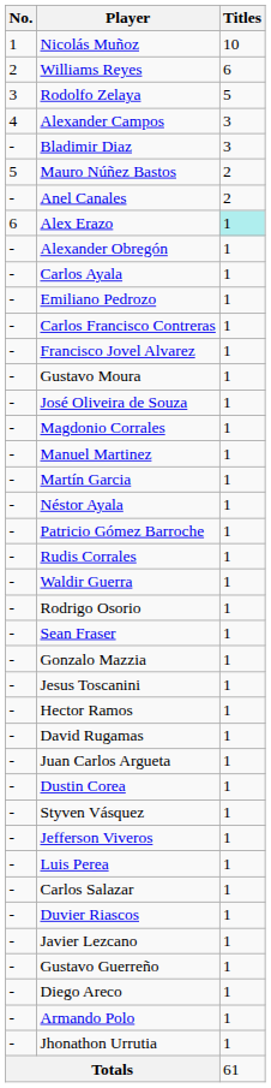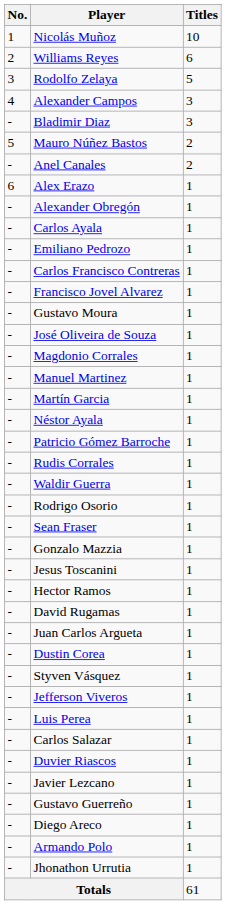 <table class="wikitable">
 <tr>
 <th>No.</th>
 <th>Player</th>
 <th>Titles</th>
 </tr>
 <tr>
 <td>1</td>
 <td> <a href='#'>Nicolás Muñoz</a></td>
 <td>10</td>
 </tr>
 <tr>
 <td>2</td>
 <td>  <a href='#'>Williams Reyes</a></td>
 <td>6</td>
 </tr>
 <tr>
 <td>3</td>
 <td> <a href='#'>Rodolfo Zelaya</a></td>
 <td>5</td>
 </tr>
 <tr>
 <td>4</td>
 <td> <a href='#'>Alexander Campos</a></td>
 <td>3</td>
 </tr>
 <tr>
 <td>-</td>
 <td> <a href='#'>Bladimir Diaz</a></td>
 <td>3</td>
 </tr>
 <tr>
 <td>5</td>
 <td> <a href='#'>Mauro Núñez Bastos</a></td>
 <td>2</td>
 </tr>
 <tr>
 <td>-</td>
 <td> <a href='#'>Anel Canales</a></td>
 <td>2</td>
 </tr>
 <tr>
 <td>6</td>
 <td> <a href='#'>Alex Erazo</a></td>
-<td style="background: paleturquoise;">1</td>
+<td>1</td>
 </tr>
 <tr>
 <td>-</td>
 <td> <a href='#'>Alexander Obregón</a></td>
 <td>1</td>
 </tr>
 <tr>
 <td>-</td>
 <td> <a href='#'>Carlos Ayala</a></td>
 <td>1</td>
 </tr>
 <tr>
 <td>-</td>
 <td>  <a href='#'>Emiliano Pedrozo</a></td>
 <td>1</td>
 </tr>
 <tr>
 <td>-</td>
 <td> <a href='#'>Carlos Francisco Contreras</a></td>
 <td>1</td>
 </tr>
 <tr>
 <td>-</td>
 <td> <a href='#'>Francisco Jovel Alvarez</a></td>
 <td>1</td>
 </tr>
 <tr>
 <td>-</td>
 <td> Gustavo Moura</td>
 <td>1</td>
 </tr>
 <tr>
 <td>-</td>
 <td> <a href='#'>José Oliveira de Souza</a></td>
 <td>1</td>
 </tr>
 <tr>
 <td>-</td>
 <td> <a href='#'>Magdonio Corrales</a></td>
 <td>1</td>
 </tr>
 <tr>
 <td>-</td>
 <td> <a href='#'>Manuel Martinez</a></td>
 <td>1</td>
 </tr>
 <tr>
 <td>-</td>
 <td> <a href='#'>Martín Garcia</a></td>
 <td>1</td>
 </tr>
 <tr>
 <td>-</td>
 <td> <a href='#'>Néstor Ayala</a></td>
 <td>1</td>
 </tr>
 <tr>
 <td>-</td>
 <td> <a href='#'>Patricio Gómez Barroche</a></td>
 <td>1</td>
 </tr>
 <tr>
 <td>-</td>
 <td> <a href='#'>Rudis Corrales</a></td>
 <td>1</td>
 </tr>
 <tr>
 <td>-</td>
 <td> <a href='#'>Waldir Guerra</a></td>
 <td>1</td>
 </tr>
 <tr>
 <td>-</td>
 <td> Rodrigo Osorio</td>
 <td>1</td>
 </tr>
 <tr>
 <td>-</td>
 <td> <a href='#'>Sean Fraser</a></td>
 <td>1</td>
 </tr>
 <tr>
 <td>-</td>
 <td> Gonzalo Mazzia</td>
 <td>1</td>
 </tr>
 <tr>
 <td>-</td>
 <td> Jesus Toscanini</td>
 <td>1</td>
 </tr>
 <tr>
 <td>-</td>
 <td> Hector Ramos</td>
 <td>1</td>
 </tr>
 <tr>
 <td>-</td>
 <td> David Rugamas</td>
 <td>1</td>
 </tr>
 <tr>
 <td>-</td>
 <td> Juan Carlos Argueta</td>
 <td>1</td>
 </tr>
 <tr>
 <td>-</td>
 <td> <a href='#'>Dustin Corea</a></td>
 <td>1</td>
 </tr>
 <tr>
 <td>-</td>
 <td> Styven Vásquez</td>
 <td>1</td>
 </tr>
 <tr>
 <td>-</td>
 <td> <a href='#'>Jefferson Viveros</a></td>
 <td>1</td>
 </tr>
 <tr>
 <td>-</td>
 <td> <a href='#'>Luis Perea</a></td>
 <td>1</td>
 </tr>
 <tr>
 <td>-</td>
 <td> Carlos Salazar</td>
 <td>1</td>
 </tr>
 <tr>
 <td>-</td>
 <td> <a href='#'>Duvier Riascos</a></td>
 <td>1</td>
 </tr>
 <tr>
 <td>-</td>
 <td> Javier Lezcano</td>
 <td>1</td>
 </tr>
 <tr>
 <td>-</td>
 <td> Gustavo Guerreño</td>
 <td>1</td>
 </tr>
 <tr>
 <td>-</td>
 <td> Diego Areco</td>
 <td>1</td>
 </tr>
 <tr>
 <td>-</td>
 <td> <a href='#'>Armando Polo</a></td>
 <td>1</td>
 </tr>
 <tr>
 <td>-</td>
 <td> Jhonathon Urrutia</td>
 <td>1</td>
 </tr>
 <tr>
 <th colspan="2">Totals</th>
 <td>61</td>
 </tr>
 </table>
